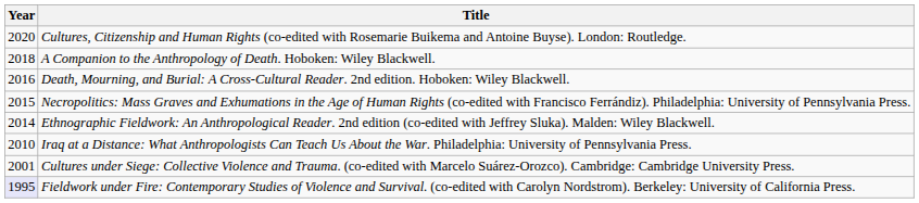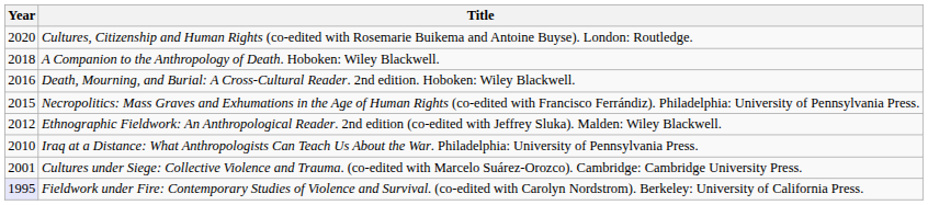 <table class="wikitable">
 <tr>
 <th>Year</th>
 <th>Title</th>
 </tr>
 <tr>
 <td>2020</td>
 <td><em>Cultures, Citizenship and Human Rights</em> (co-edited with Rosemarie Buikema and Antoine Buyse). London: Routledge.</td>
 </tr>
 <tr>
 <td>2018</td>
 <td><em>A Companion to the Anthropology of Death</em>. Hoboken: Wiley Blackwell.</td>
 </tr>
 <tr>
 <td>2016</td>
 <td><em>Death, Mourning, and Burial: A Cross-Cultural Reader</em>. 2nd edition. Hoboken: Wiley Blackwell.</td>
 </tr>
 <tr>
 <td>2015</td>
 <td><em>Necropolitics: Mass Graves and Exhumations in the Age of Human Rights</em> (co-edited with Francisco Ferrándiz). Philadelphia: University of Pennsylvania Press.</td>
 </tr>
 <tr>
-<td>2014</td>
+<td>2012</td>
 <td><em>Ethnographic Fieldwork: An Anthropological Reader</em>. 2nd edition (co-edited with Jeffrey Sluka). Malden: Wiley Blackwell.</td>
 </tr>
 <tr>
 <td>2010</td>
 <td><em>Iraq at a Distance: What Anthropologists Can Teach Us About the War</em>. Philadelphia: University of Pennsylvania Press.</td>
 </tr>
 <tr>
 <td>2001</td>
 <td><em>Cultures under Siege: Collective Violence and Trauma</em>. (co-edited with Marcelo Suárez-Orozco). Cambridge: Cambridge University Press.</td>
 </tr>
 <tr>
 <td style="background: lavender;">1995</td>
 <td><em>Fieldwork under Fire: Contemporary Studies of Violence and Survival</em>. (co-edited with Carolyn Nordstrom). Berkeley: University of California Press.</td>
 </tr>
 </table>
